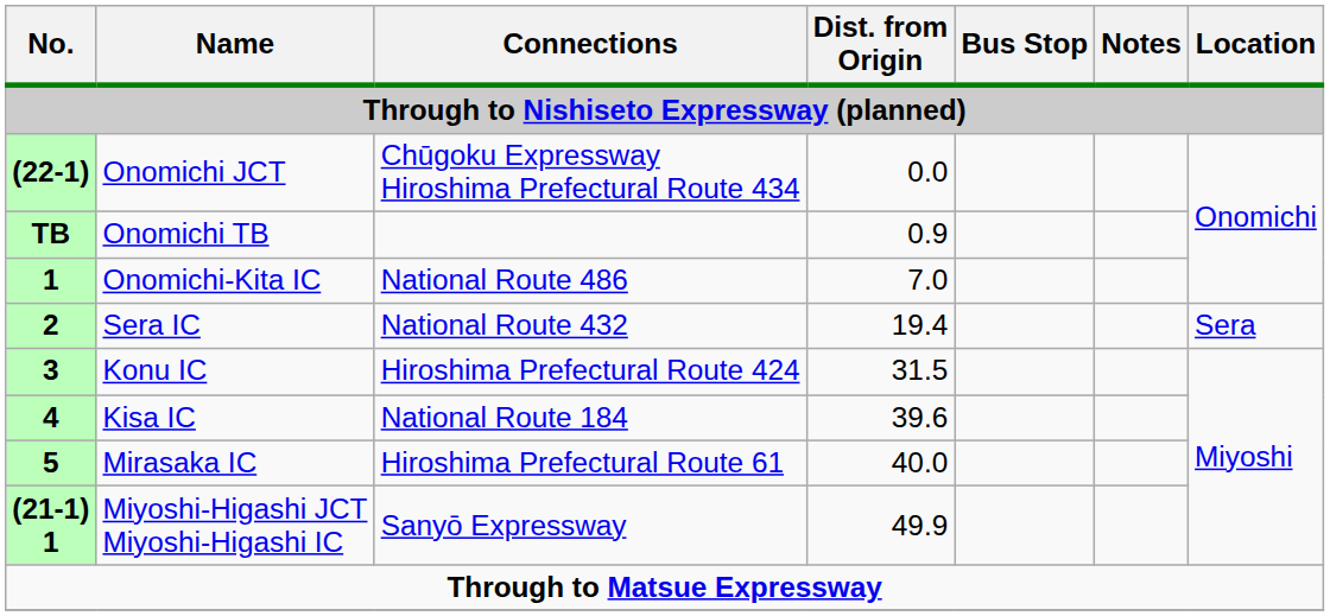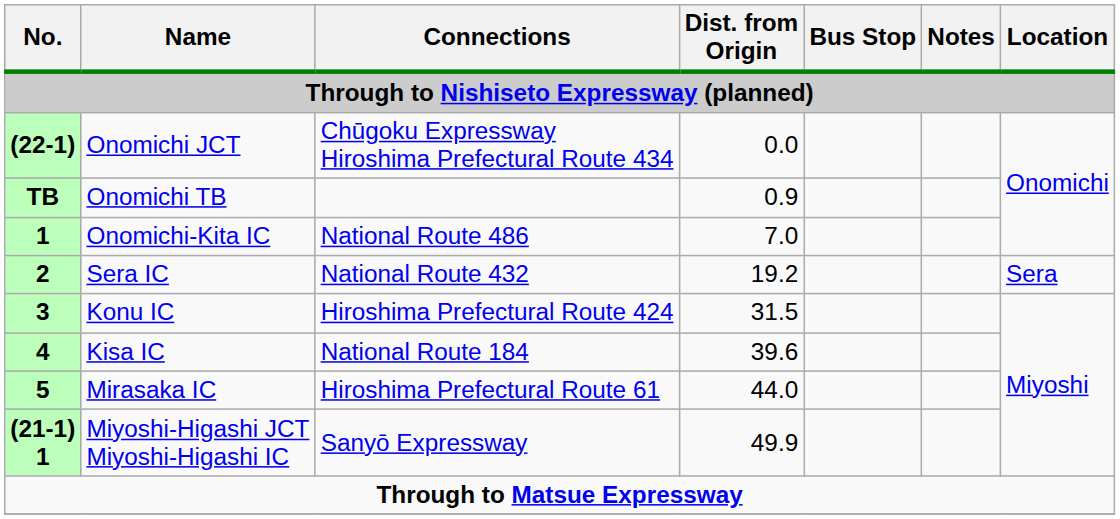 <table table class="wikitable">
 <tr>
 <th style="border-bottom:3px solid green;">No.</th>
 <th style="border-bottom:3px solid green;">Name</th>
 <th style="border-bottom:3px solid green;">Connections</th>
 <th style="border-bottom:3px solid green;">Dist. from<br>Origin</th>
 <th style="border-bottom:3px solid green;">Bus Stop</th>
 <th style="border-bottom:3px solid green;">Notes</th>
 <th colspan="2" style="border-bottom:3px solid green;">Location</th>
 </tr>
 <tr>
 <td colspan="7" style="text-align:center;background-color:#ccc;"><strong>Through to <a href='#'>Nishiseto Expressway</a> (planned)</strong></td>
 </tr>
 <tr>
 <th style="background:#bfb;">(22-1)</th>
 <td><a href='#'>Onomichi JCT</a></td>
 <td> <a href='#'>Chūgoku Expressway</a><br><a href='#'>Hiroshima Prefectural Route 434</a></td>
 <td style="text-align:right;">0.0</td>
 <td style="text-align:center;"></td>
 <td></td>
 <td rowspan="3" style="width:1em;"><a href='#'>Onomichi</a></td>
 </tr>
 <tr>
 <th style="background-color:#BFB;">TB</th>
 <td><a href='#'>Onomichi TB</a></td>
 <td></td>
 <td style="text-align:right;">0.9</td>
 <td style="text-align:center;"></td>
 <td></td>
 </tr>
 <tr>
 <th style="background-color:#BFB;">1</th>
 <td><a href='#'>Onomichi-Kita IC</a></td>
 <td> <a href='#'>National Route 486</a></td>
 <td style="text-align:right;">7.0</td>
 <td style="text-align:center;"></td>
 <td></td>
 </tr>
 <tr>
 <th style="background-color:#BFB;">2</th>
 <td><a href='#'>Sera IC</a></td>
 <td> <a href='#'>National Route 432</a></td>
-<td style="text-align:right;">19.4</td>
+<td style="text-align:right;">19.2</td>
 <td style="text-align:center;"></td>
 <td></td>
 <td><a href='#'>Sera</a></td>
 </tr>
 <tr>
 <th style="background:#bfb;">3</th>
 <td><a href='#'>Konu IC</a></td>
 <td><a href='#'>Hiroshima Prefectural Route 424</a></td>
 <td style="text-align:right;">31.5</td>
 <td style="text-align:center;"></td>
 <td></td>
 <td rowspan="4" style="width:1em;"><a href='#'>Miyoshi</a></td>
 </tr>
 <tr>
 <th style="background-color:#BFB;">4</th>
 <td><a href='#'>Kisa IC</a></td>
 <td> <a href='#'>National Route 184</a></td>
 <td style="text-align:right;">39.6</td>
 <td style="text-align:center;"></td>
 <td></td>
 </tr>
 <tr>
 <th style="background-color:#BFB;">5</th>
 <td><a href='#'>Mirasaka IC</a></td>
 <td><a href='#'>Hiroshima Prefectural Route 61</a></td>
-<td style="text-align:right;">40.0</td>
+<td style="text-align:right;">44.0</td>
 <td style="text-align:center;"></td>
 <td></td>
 </tr>
 <tr>
 <th style="background:#bfb;">(21-1)<br>1</th>
 <td><a href='#'>Miyoshi-Higashi JCT</a><br><a href='#'>Miyoshi-Higashi IC</a></td>
 <td> <a href='#'>Sanyō Expressway</a></td>
 <td style="text-align:right;">49.9</td>
 <td style="text-align:center;"></td>
 <td></td>
 </tr>
 <tr>
 <td colspan="7" style="text-align:center"><strong>Through to  <a href='#'>Matsue Expressway</a></strong></td>
 </tr>
 <tr>
 </tr>
 </table>
